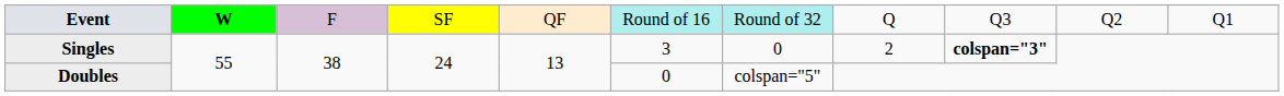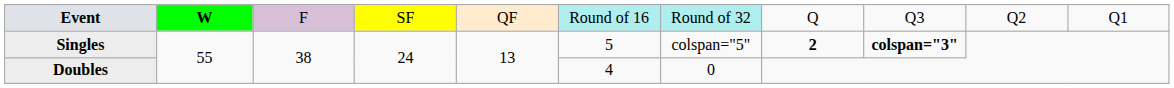 <table class=wikitable style=font-size:90%;text-align:center>
 <tr>
 <td style="width:130px; background:#dfe2e9;"><strong>Event</strong></td>
 <td style="width:80px; background:lime;"><strong>W</strong></td>
 <td style="width:85px; background:thistle;">F</td>
 <td style="width:85px; background:#ff0;">SF</td>
 <td style="width:85px; background:#ffebcd;">QF</td>
 <td style="width:85px; background:#afeeee;">Round of 16</td>
 <td style="width:85px; background:#afeeee;">Round of 32</td>
 <td width=85>Q</td>
 <td width=85>Q3</td>
 <td width=85>Q2</td>
 <td width=85>Q1</td>
 </tr>
 <tr>
 <th style="background:#ededed;">Singles</th>
 <td rowspan=2>55</td>
 <td rowspan=2>38</td>
 <td rowspan=2>24</td>
 <td rowspan=2>13</td>
-<td>3</td>
-<td>0</td>
-<td>2</td>
+<td>5</td>
+<td>colspan="5" </td>
+<td><strong>2</strong></td>
 <td><strong>colspan="3" </strong></td>
 </tr>
 <tr>
 <th style="background:#ededed;">Doubles</th>
+<td>4</td>
 <td>0</td>
-<td>colspan="5" </td>
 </tr>
 </table>
